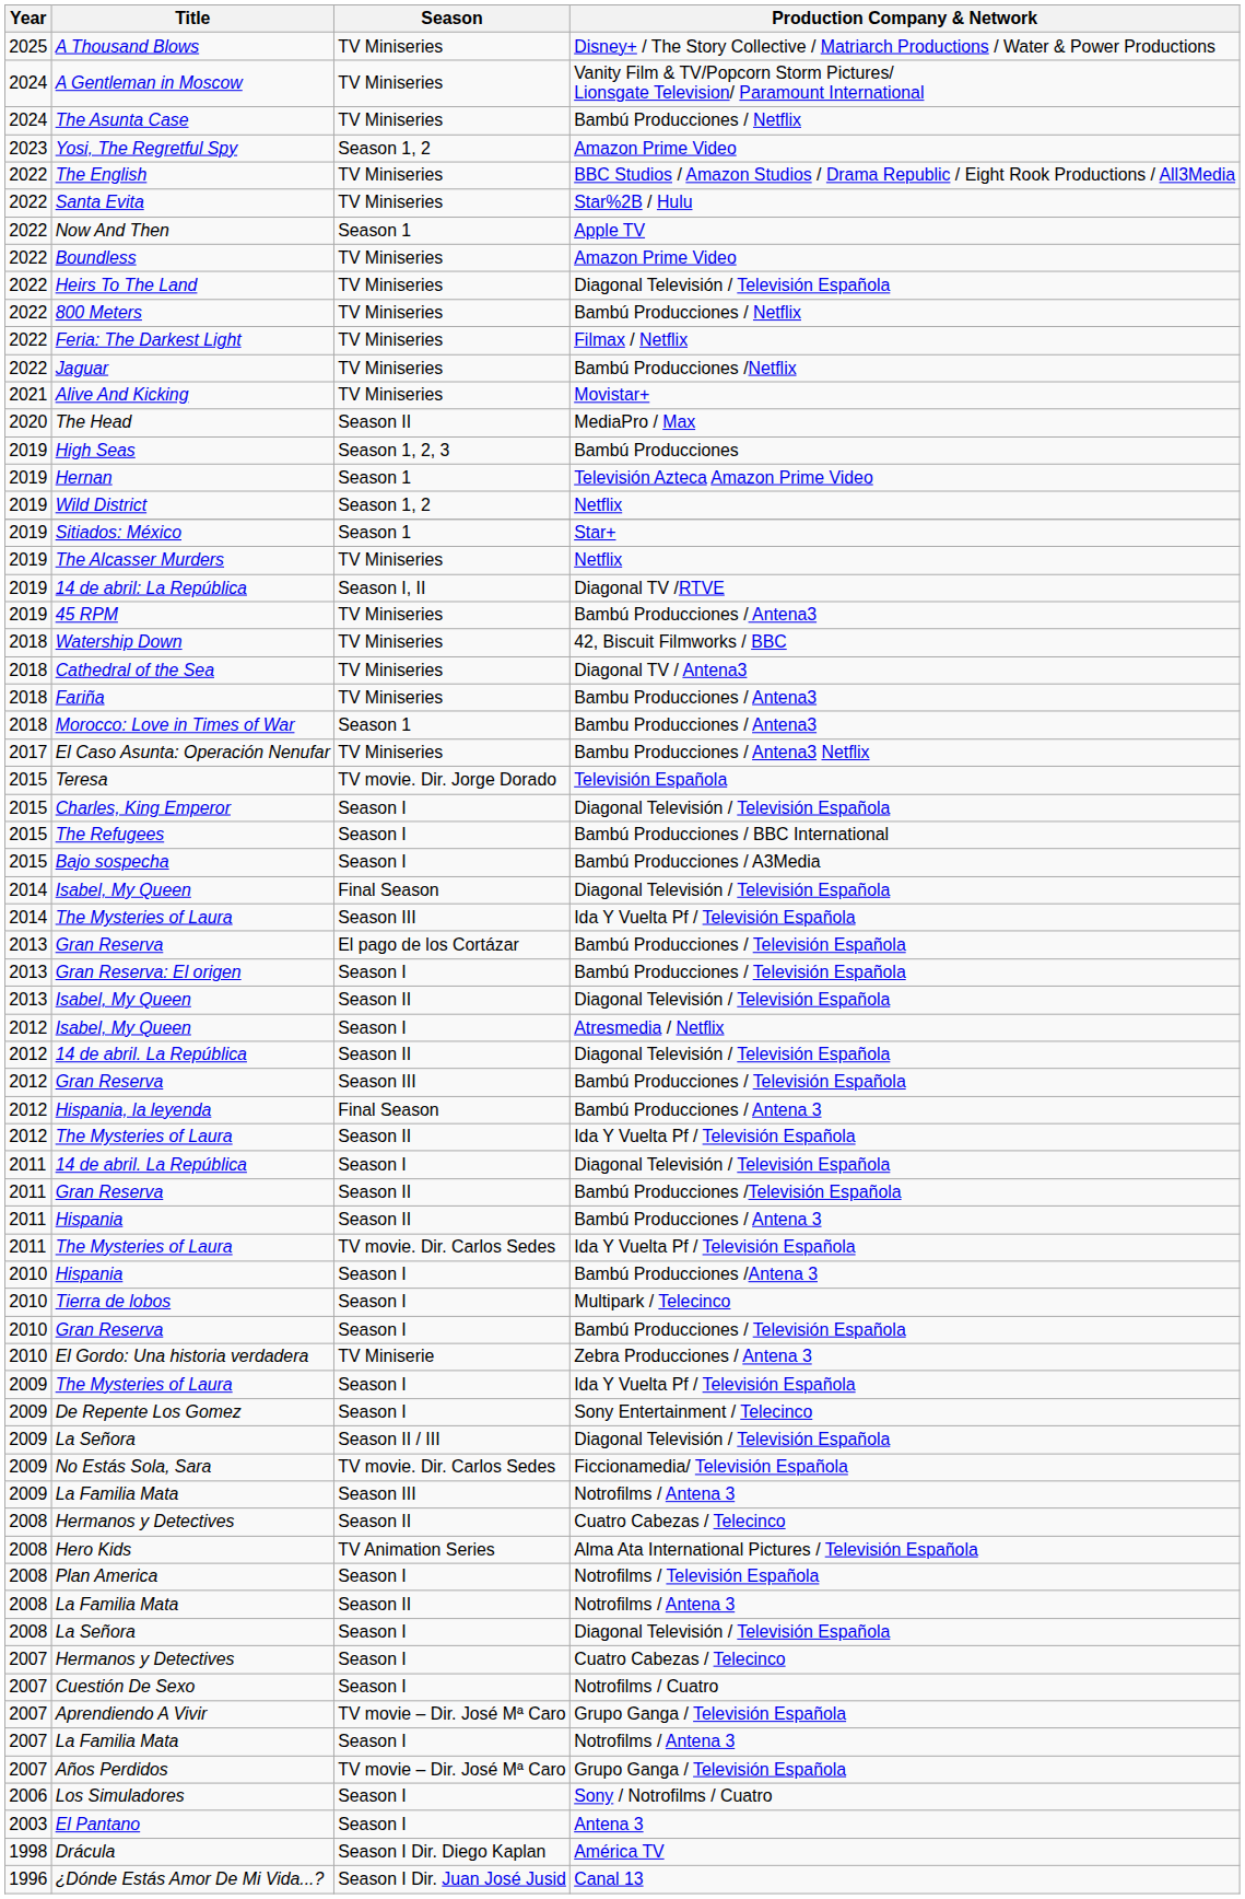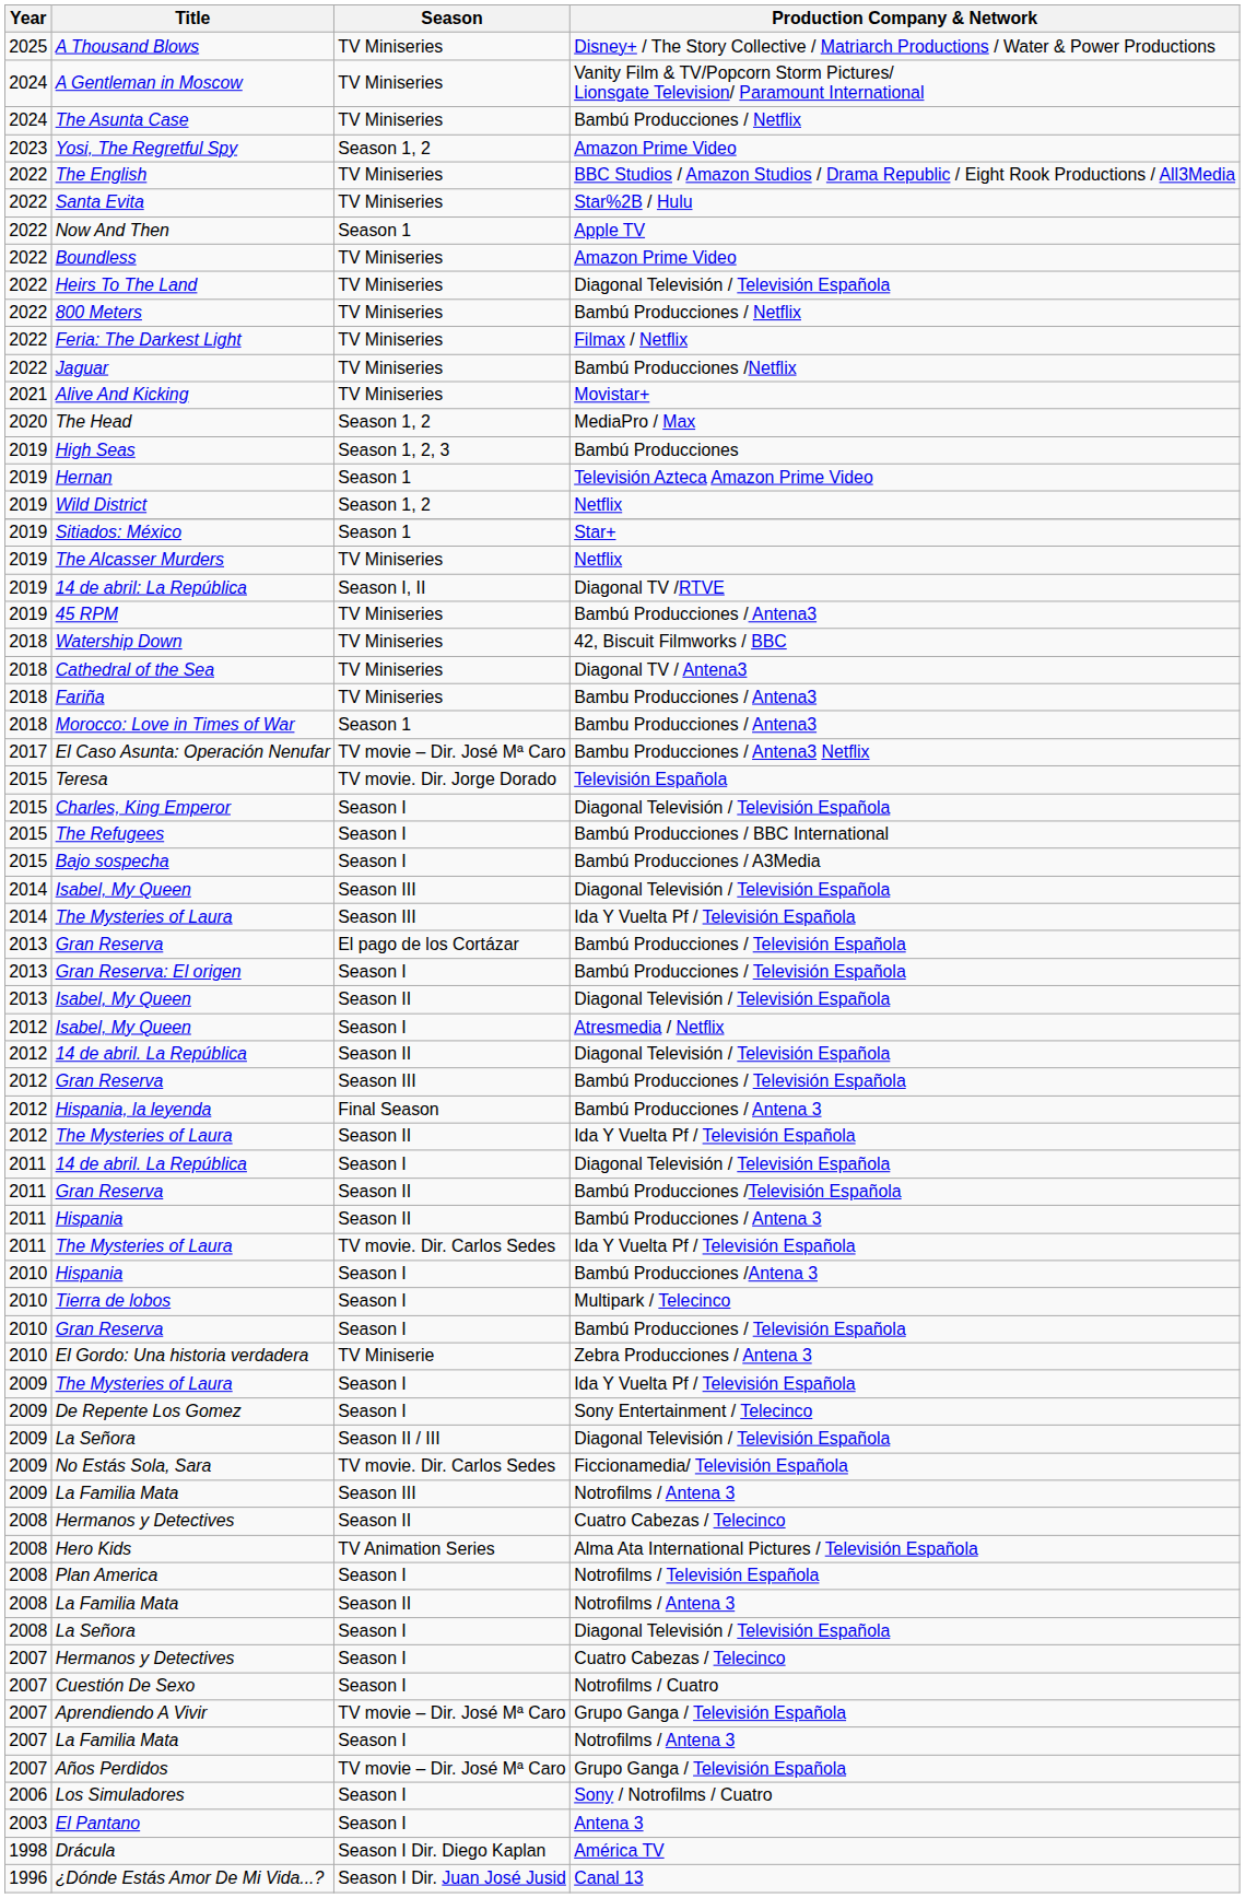 <table class="wikitable">
 <tr>
 <th>Year</th>
 <th>Title</th>
 <th>Season</th>
 <th>Production Company & Network</th>
 </tr>
 <tr>
 <td>2025</td>
 <td><em><a href='#'>A Thousand Blows</a></em></td>
 <td>TV Miniseries</td>
 <td><a href='#'>Disney+</a> / The Story Collective / <a href='#'>Matriarch Productions</a> / Water & Power Productions</td>
 </tr>
 <tr>
 <td>2024</td>
 <td><em><a href='#'>A Gentleman in Moscow</a></em></td>
 <td>TV Miniseries</td>
 <td>Vanity Film & TV/Popcorn Storm Pictures/<br><a href='#'>Lionsgate Television</a>/ <a href='#'>Paramount International</a></td>
 </tr>
 <tr>
 <td>2024</td>
 <td><em><a href='#'>The Asunta Case</a></em></td>
 <td>TV Miniseries</td>
 <td>Bambú Producciones / <a href='#'>Netflix</a></td>
 </tr>
 <tr>
 <td>2023</td>
 <td><em><a href='#'>Yosi, The Regretful Spy</a></em></td>
 <td>Season 1, 2</td>
 <td><a href='#'>Amazon Prime Video</a></td>
 </tr>
 <tr>
 <td>2022</td>
 <td><em><a href='#'>The English</a></em></td>
 <td>TV Miniseries</td>
 <td><a href='#'>BBC Studios</a> / <a href='#'>Amazon Studios</a> / <a href='#'>Drama Republic</a> / Eight Rook Productions / <a href='#'>All3Media</a></td>
 </tr>
 <tr>
 <td>2022</td>
 <td><em><a href='#'>Santa Evita</a></em></td>
 <td>TV Miniseries</td>
 <td><a href='#'>Star%2B</a> / <a href='#'>Hulu</a></td>
 </tr>
 <tr>
 <td>2022</td>
 <td><em>Now And Then</em></td>
 <td>Season 1</td>
 <td><a href='#'>Apple TV</a></td>
 </tr>
 <tr>
 <td>2022</td>
 <td><em><a href='#'>Boundless</a></em></td>
 <td>TV Miniseries</td>
 <td><a href='#'>Amazon Prime Video</a></td>
 </tr>
 <tr>
 <td>2022</td>
 <td><em><a href='#'>Heirs To The Land</a></em></td>
 <td>TV Miniseries</td>
 <td>Diagonal Televisión / <a href='#'>Televisión Española</a></td>
 </tr>
 <tr>
 <td>2022</td>
 <td><em><a href='#'>800 Meters</a></em></td>
 <td>TV Miniseries</td>
 <td>Bambú Producciones /  <a href='#'>Netflix</a></td>
 </tr>
 <tr>
 <td>2022</td>
 <td><em><a href='#'>Feria: The Darkest Light</a></em></td>
 <td>TV Miniseries</td>
 <td><a href='#'>Filmax</a>  /  <a href='#'>Netflix</a></td>
 </tr>
 <tr>
 <td>2022</td>
 <td><em><a href='#'>Jaguar</a></em></td>
 <td>TV Miniseries</td>
 <td>Bambú Producciones /<a href='#'>Netflix</a></td>
 </tr>
 <tr>
 <td>2021</td>
 <td><em><a href='#'>Alive And Kicking</a></em></td>
 <td>TV Miniseries</td>
 <td><a href='#'> Movistar+</a></td>
 </tr>
 <tr>
 <td>2020</td>
 <td><em>The Head</em></td>
-<td>Season II</td>
+<td>Season 1, 2</td>
 <td>MediaPro / <a href='#'> Max</a></td>
 </tr>
 <tr>
 <td>2019</td>
 <td><em><a href='#'> High Seas</a></em></td>
 <td>Season 1, 2, 3</td>
 <td>Bambú Producciones</td>
 </tr>
 <tr>
 <td>2019</td>
 <td><em><a href='#'> Hernan</a></em></td>
 <td>Season 1</td>
 <td><a href='#'> Televisión Azteca</a>  <a href='#'>Amazon Prime Video</a></td>
 </tr>
 <tr>
 <td>2019</td>
 <td><em><a href='#'>Wild District</a></em></td>
 <td>Season 1, 2</td>
 <td><a href='#'>Netflix</a></td>
 </tr>
 <tr>
 </tr>
 <tr>
 <td>2019</td>
 <td><em><a href='#'>Sitiados: México</a></em></td>
 <td>Season 1</td>
 <td><a href='#'>Star+</a></td>
 </tr>
 <tr>
 <td>2019</td>
 <td><em><a href='#'> The Alcasser Murders</a></em></td>
 <td>TV Miniseries</td>
 <td><a href='#'>Netflix</a></td>
 </tr>
 <tr>
 <td>2019</td>
 <td><em><a href='#'> 14 de abril: La República</a></em></td>
 <td>Season I, II</td>
 <td>Diagonal TV /<a href='#'>RTVE</a></td>
 </tr>
 <tr>
 <td>2019</td>
 <td><em><a href='#'> 45 RPM</a></em></td>
 <td>TV Miniseries</td>
 <td>Bambú Producciones /<a href='#'> Antena3</a></td>
 </tr>
 <tr>
 <td>2018</td>
 <td><em><a href='#'> Watership Down</a></em></td>
 <td>TV Miniseries</td>
 <td>42, Biscuit Filmworks / <a href='#'>BBC</a></td>
 </tr>
 <tr>
 <td>2018</td>
 <td><em><a href='#'> Cathedral of the Sea</a></em></td>
 <td>TV Miniseries</td>
 <td>Diagonal TV / <a href='#'> Antena3</a></td>
 </tr>
 <tr>
 <td>2018</td>
 <td><em><a href='#'> Fariña</a></em></td>
 <td>TV Miniseries</td>
 <td>Bambu Producciones / <a href='#'> Antena3</a></td>
 </tr>
 <tr>
 <td>2018</td>
 <td><em><a href='#'>Morocco: Love in Times of War</a> </em></td>
 <td>Season 1</td>
 <td>Bambu Producciones / <a href='#'> Antena3</a></td>
 </tr>
 <tr>
 <td>2017</td>
 <td><em>El Caso Asunta: Operación Nenufar </em></td>
-<td>TV Miniseries</td>
+<td>TV movie – Dir. José Mª Caro</td>
 <td>Bambu Producciones / <a href='#'> Antena3</a> <a href='#'>Netflix</a></td>
 </tr>
 <tr>
 <td>2015</td>
 <td><em>Teresa</em></td>
 <td>TV movie. Dir. Jorge Dorado</td>
 <td><a href='#'>Televisión Española</a></td>
 </tr>
 <tr>
 <td>2015</td>
 <td><em><a href='#'>Charles, King Emperor</a></em></td>
 <td>Season I</td>
 <td>Diagonal Televisión / <a href='#'>Televisión Española</a></td>
 </tr>
 <tr>
 <td>2015</td>
 <td><em><a href='#'>The Refugees</a></em></td>
 <td>Season I</td>
 <td>Bambú Producciones / BBC International</td>
 </tr>
 <tr>
 <td>2015</td>
 <td><em><a href='#'>Bajo sospecha</a></em></td>
 <td>Season I</td>
 <td>Bambú Producciones / A3Media</td>
 </tr>
 <tr>
 <td>2014</td>
 <td><em><a href='#'>Isabel, My Queen</a></em></td>
-<td>Final Season</td>
+<td>Season III</td>
 <td>Diagonal Televisión / <a href='#'>Televisión Española</a></td>
 </tr>
 <tr>
 <td>2014</td>
 <td><em><a href='#'>The Mysteries of Laura</a></em></td>
 <td>Season III</td>
 <td>Ida Y Vuelta Pf / <a href='#'>Televisión Española</a></td>
 </tr>
 <tr>
 <td>2013</td>
 <td><em><a href='#'>Gran Reserva</a></em></td>
 <td>El pago de los Cortázar</td>
 <td>Bambú Producciones / <a href='#'>Televisión Española</a></td>
 </tr>
 <tr>
 <td>2013</td>
 <td><em><a href='#'>Gran Reserva: El origen</a></em></td>
 <td>Season I</td>
 <td>Bambú Producciones  / <a href='#'>Televisión Española</a></td>
 </tr>
 <tr>
 <td>2013</td>
 <td><em><a href='#'>Isabel, My Queen</a></em></td>
 <td>Season II</td>
 <td>Diagonal Televisión / <a href='#'>Televisión Española</a></td>
 </tr>
 <tr>
 <td>2012</td>
 <td><em><a href='#'>Isabel, My Queen</a></em></td>
 <td>Season I</td>
 <td><a href='#'>Atresmedia</a> /  <a href='#'>Netflix</a></td>
 </tr>
 <tr>
 <td>2012</td>
 <td><em><a href='#'>14 de abril. La República</a></em></td>
 <td>Season II</td>
 <td>Diagonal Televisión / <a href='#'>Televisión Española</a></td>
 </tr>
 <tr>
 <td>2012</td>
 <td><em><a href='#'>Gran Reserva</a></em></td>
 <td>Season III</td>
 <td>Bambú Producciones / <a href='#'>Televisión Española</a></td>
 </tr>
 <tr>
 <td>2012</td>
 <td><em><a href='#'>Hispania, la leyenda</a></em></td>
 <td>Final Season</td>
 <td>Bambú Producciones / <a href='#'>Antena 3</a></td>
 </tr>
 <tr>
 <td>2012</td>
 <td><em><a href='#'>The Mysteries of Laura</a></em></td>
 <td>Season II</td>
 <td>Ida Y Vuelta Pf / <a href='#'>Televisión Española</a></td>
 </tr>
 <tr>
 <td>2011</td>
 <td><em><a href='#'>14 de abril. La República</a></em></td>
 <td>Season I</td>
 <td>Diagonal Televisión / <a href='#'>Televisión Española</a></td>
 </tr>
 <tr>
 <td>2011</td>
 <td><em><a href='#'>Gran Reserva</a></em></td>
 <td>Season II</td>
 <td>Bambú Producciones /<a href='#'>Televisión Española</a></td>
 </tr>
 <tr>
 <td>2011</td>
 <td><em><a href='#'>Hispania</a></em></td>
 <td>Season II</td>
 <td>Bambú Producciones / <a href='#'>Antena 3</a></td>
 </tr>
 <tr>
 <td>2011</td>
 <td><em><a href='#'>The Mysteries of Laura</a></em></td>
 <td>TV movie. Dir. Carlos Sedes</td>
 <td>Ida Y Vuelta Pf / <a href='#'>Televisión Española</a></td>
 </tr>
 <tr>
 <td>2010</td>
 <td><em><a href='#'>Hispania</a></em></td>
 <td>Season I</td>
 <td>Bambú Producciones /<a href='#'>Antena 3</a></td>
 </tr>
 <tr>
 <td>2010</td>
 <td><em><a href='#'>Tierra de lobos</a></em></td>
 <td>Season I</td>
 <td>Multipark / <a href='#'>Telecinco</a></td>
 </tr>
 <tr>
 <td>2010</td>
 <td><em><a href='#'>Gran Reserva</a></em></td>
 <td>Season I</td>
 <td>Bambú Producciones / <a href='#'>Televisión Española</a></td>
 </tr>
 <tr>
 <td>2010</td>
 <td><em>El Gordo: Una historia verdadera</em></td>
 <td>TV Miniserie</td>
 <td>Zebra Producciones / <a href='#'>Antena 3</a></td>
 </tr>
 <tr>
 <td>2009</td>
 <td><em><a href='#'>The Mysteries of Laura</a></em></td>
 <td>Season I</td>
 <td>Ida Y Vuelta Pf / <a href='#'>Televisión Española</a></td>
 </tr>
 <tr>
 <td>2009</td>
 <td><em>De Repente Los Gomez</em></td>
 <td>Season I</td>
 <td>Sony Entertainment / <a href='#'>Telecinco</a></td>
 </tr>
 <tr>
 <td>2009</td>
 <td><em>La Señora</em></td>
 <td>Season II / III</td>
 <td>Diagonal Televisión / <a href='#'>Televisión Española</a></td>
 </tr>
 <tr>
 <td>2009</td>
 <td><em>No Estás Sola, Sara</em></td>
 <td>TV movie. Dir. Carlos Sedes</td>
 <td>Ficcionamedia/ <a href='#'>Televisión Española</a></td>
 </tr>
 <tr>
 <td>2009</td>
 <td><em>La Familia Mata</em></td>
 <td>Season III</td>
 <td>Notrofilms / <a href='#'>Antena 3</a></td>
 </tr>
 <tr>
 <td>2008</td>
 <td><em>Hermanos y Detectives</em></td>
 <td>Season II</td>
 <td>Cuatro Cabezas / <a href='#'>Telecinco</a></td>
 </tr>
 <tr>
 <td>2008</td>
 <td><em>Hero Kids</em></td>
 <td>TV Animation Series</td>
 <td>Alma Ata International Pictures / <a href='#'>Televisión Española</a></td>
 </tr>
 <tr>
 <td>2008</td>
 <td><em>Plan America</em></td>
 <td>Season I</td>
 <td>Notrofilms / <a href='#'>Televisión Española</a></td>
 </tr>
 <tr>
 <td>2008</td>
 <td><em>La Familia Mata</em></td>
 <td>Season II</td>
 <td>Notrofilms / <a href='#'>Antena 3</a></td>
 </tr>
 <tr>
 <td>2008</td>
 <td><em>La Señora</em></td>
 <td>Season I</td>
 <td>Diagonal Televisión / <a href='#'>Televisión Española</a></td>
 </tr>
 <tr>
 <td>2007</td>
 <td><em>Hermanos y Detectives</em></td>
 <td>Season I</td>
 <td>Cuatro Cabezas / <a href='#'>Telecinco</a></td>
 </tr>
 <tr>
 <td>2007</td>
 <td><em>Cuestión De Sexo</em></td>
 <td>Season I</td>
 <td>Notrofilms / Cuatro</td>
 </tr>
 <tr>
 <td>2007</td>
 <td><em>Aprendiendo A Vivir</em></td>
 <td>TV movie – Dir. José Mª Caro</td>
 <td>Grupo Ganga / <a href='#'>Televisión Española</a></td>
 </tr>
 <tr>
 <td>2007</td>
 <td><em>La Familia Mata</em></td>
 <td>Season I</td>
 <td>Notrofilms / <a href='#'>Antena 3</a></td>
 </tr>
 <tr>
 <td>2007</td>
 <td><em>Años Perdidos</em></td>
 <td>TV movie – Dir. José Mª Caro</td>
 <td>Grupo Ganga / <a href='#'>Televisión Española</a></td>
 </tr>
 <tr>
 <td>2006</td>
 <td><em>Los Simuladores</em></td>
 <td>Season I</td>
 <td><a href='#'>Sony</a> / Notrofilms / Cuatro</td>
 </tr>
 <tr>
 <td>2003</td>
 <td><em><a href='#'>El Pantano</a></em></td>
 <td>Season I</td>
 <td><a href='#'>Antena 3</a></td>
 </tr>
 <tr>
 <td>1998</td>
 <td><em>Drácula</em></td>
 <td>Season I Dir. Diego Kaplan</td>
 <td><a href='#'>América TV</a></td>
 </tr>
 <tr>
 <td>1996</td>
 <td><em>¿Dónde Estás Amor De Mi Vida...?</em></td>
 <td>Season I Dir. <a href='#'>Juan José Jusid</a></td>
 <td><a href='#'>Canal 13</a></td>
 </tr>
 </table>
